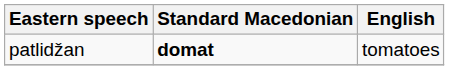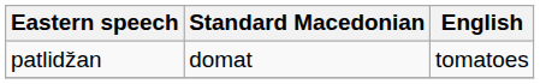 <table class="wikitable" border="1">
 <tr>
 <th>Eastern speech</th>
 <th>Standard Macedonian</th>
 <th>English</th>
 </tr>
 <tr>
 <td>patlidžan</td>
-<td><strong>domat</strong></td>
+<td>domat</td>
 <td>tomatoes</td>
 </tr>
 <tr>
 </tr>
 </table>
